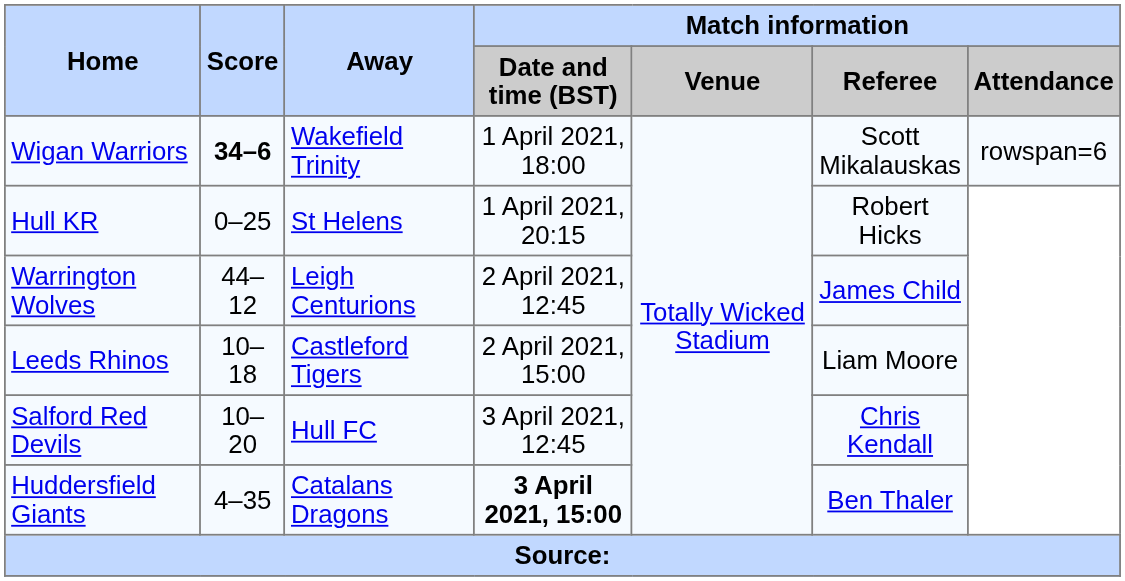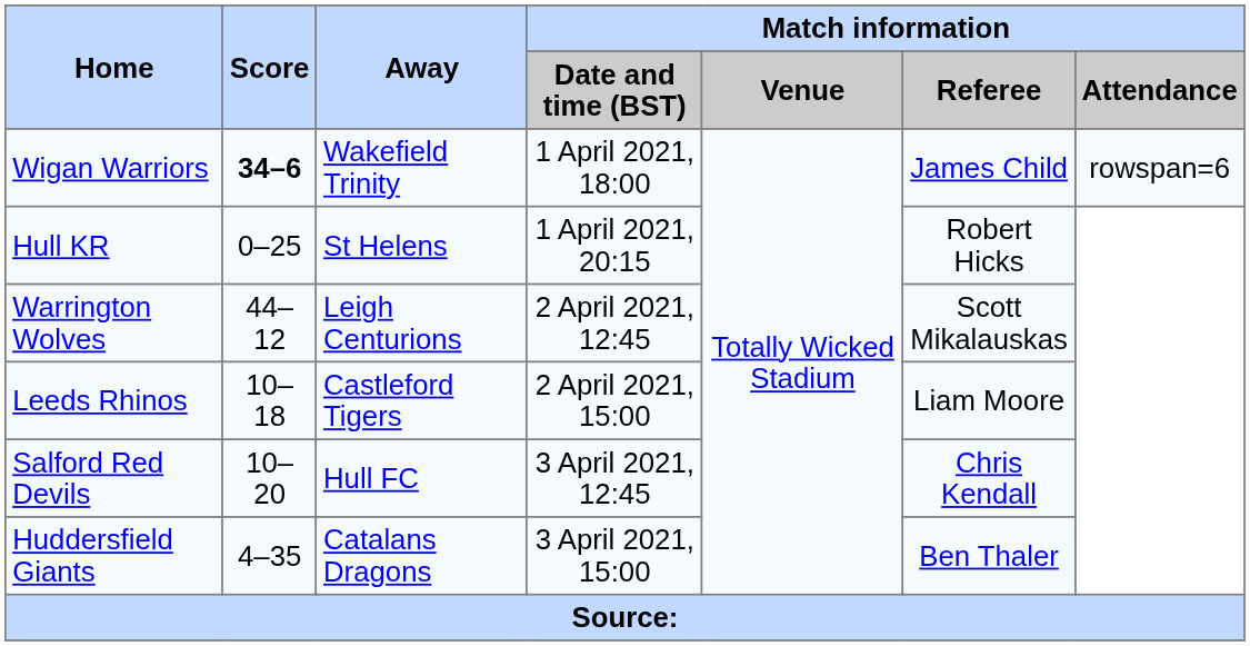 <table border=1 style="border-collapse:collapse; font-size:90%; text-align:center;" cellpadding=3 cellspacing=0 width=100%>
 <tr style="background:#C1D8ff;">
 <th scope="col" rowspan=2 width=19%>Home</th>
 <th scope="col" rowspan=2 width=6%>Score</th>
 <th scope="col" rowspan=2 width=19%>Away</th>
 <th colspan=4>Match information</th>
 </tr>
 <tr style="background:#CCCCCC;">
 <th scope="col" width=17%>Date and time (BST)</th>
 <th scope="col" width=19%>Venue</th>
 <th scope="col" width=13%>Referee</th>
 <th scope="col" width=7%>Attendance</th>
 </tr>
 <tr style="background:#F5FAFF;">
 <td style="text-align:left;"> <a href='#'>Wigan Warriors</a></td>
 <td><strong>34–6</strong></td>
 <td style="text-align:left;"> <a href='#'>Wakefield Trinity</a></td>
 <td>1 April 2021, 18:00</td>
 <td rowspan=6><a href='#'>Totally Wicked Stadium</a></td>
-<td>Scott Mikalauskas</td>
+<td><a href='#'>James Child</a></td>
 <td>rowspan=6</td>
 </tr>
 <tr style="background:#F5FAFF;">
 <td style="text-align:left;"> <a href='#'>Hull KR</a></td>
 <td>0–25</td>
 <td style="text-align:left;"> <a href='#'>St Helens</a></td>
 <td>1 April 2021, 20:15</td>
 <td>Robert Hicks</td>
 </tr>
 <tr style="background:#F5FAFF;">
 <td style="text-align:left;"> <a href='#'>Warrington Wolves</a></td>
 <td>44–12</td>
 <td style="text-align:left;"> <a href='#'>Leigh Centurions</a></td>
 <td>2 April 2021, 12:45</td>
-<td><a href='#'>James Child</a></td>
+<td>Scott Mikalauskas</td>
 </tr>
 <tr style="background:#F5FAFF;">
 <td style="text-align:left;"> <a href='#'>Leeds Rhinos</a></td>
 <td>10–18</td>
 <td style="text-align:left;"> <a href='#'>Castleford Tigers</a></td>
 <td>2 April 2021, 15:00</td>
 <td>Liam Moore</td>
 </tr>
 <tr style="background:#F5FAFF;">
 <td style="text-align:left;"> <a href='#'>Salford Red Devils</a></td>
 <td>10–20</td>
 <td style="text-align:left;"> <a href='#'>Hull FC</a></td>
 <td>3 April 2021, 12:45</td>
 <td><a href='#'>Chris Kendall</a></td>
 </tr>
 <tr style="background:#F5FAFF;">
 <td style="text-align:left;"> <a href='#'>Huddersfield Giants</a></td>
 <td>4–35</td>
 <td style="text-align:left;"> <a href='#'>Catalans Dragons</a></td>
-<td><strong>3 April 2021, 15:00</strong></td>
+<td>3 April 2021, 15:00</td>
 <td><a href='#'>Ben Thaler</a></td>
 </tr>
 <tr style="background:#c1d8ff;">
 <th colspan=7>Source:</th>
 </tr>
 </table>
